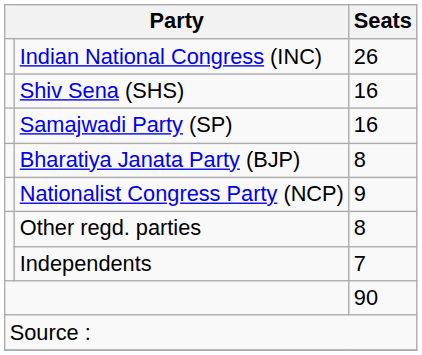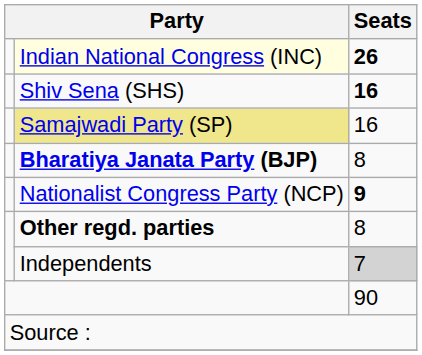 <table class="sortable wikitable">
 <tr>
 <th colspan="2">Party</th>
 <th>Seats</th>
 </tr>
 <tr>
 <td style="background-color: "></td>
-<td><a href='#'>Indian National Congress</a> (INC)</td>
-<td>26</td>
+<td style="background: lightyellow;"><a href='#'>Indian National Congress</a> (INC)</td>
+<td><strong>26</strong></td>
 </tr>
 <tr>
 <td style="background-color: "></td>
 <td><a href='#'>Shiv Sena</a> (SHS)</td>
+<td><strong>16</strong></td>
+</tr>
+<tr>
+<td style="background-color: "></td>
+<td style="background: khaki;"><a href='#'>Samajwadi Party</a> (SP)</td>
 <td>16</td>
 </tr>
 <tr>
 <td style="background-color: "></td>
-<td><a href='#'>Samajwadi Party</a> (SP)</td>
-<td>16</td>
-</tr>
-<tr>
-<td style="background-color: "></td>
-<td><a href='#'>Bharatiya Janata Party</a> (BJP)</td>
+<td><strong><a href='#'>Bharatiya Janata Party</a> (BJP)</strong></td>
 <td>8</td>
 </tr>
 <tr>
 <td style="background-color: "></td>
 <td><a href='#'>Nationalist Congress Party</a> (NCP)</td>
-<td>9</td>
+<td><strong>9</strong></td>
 </tr>
 <tr>
 <td rowspan="2" style="background-color: "></td>
-<td>Other regd. parties</td>
+<td><strong>Other regd. parties</strong></td>
 <td>8</td>
 </tr>
 <tr>
 <td>Independents</td>
-<td>7</td>
+<td style="background: lightgrey;">7</td>
 </tr>
 <tr>
 <td colspan="2"></td>
 <td>90</td>
 </tr>
 <tr>
 <td colspan="4">Source :</td>
 </tr>
 <tr>
 </tr>
 </table>
